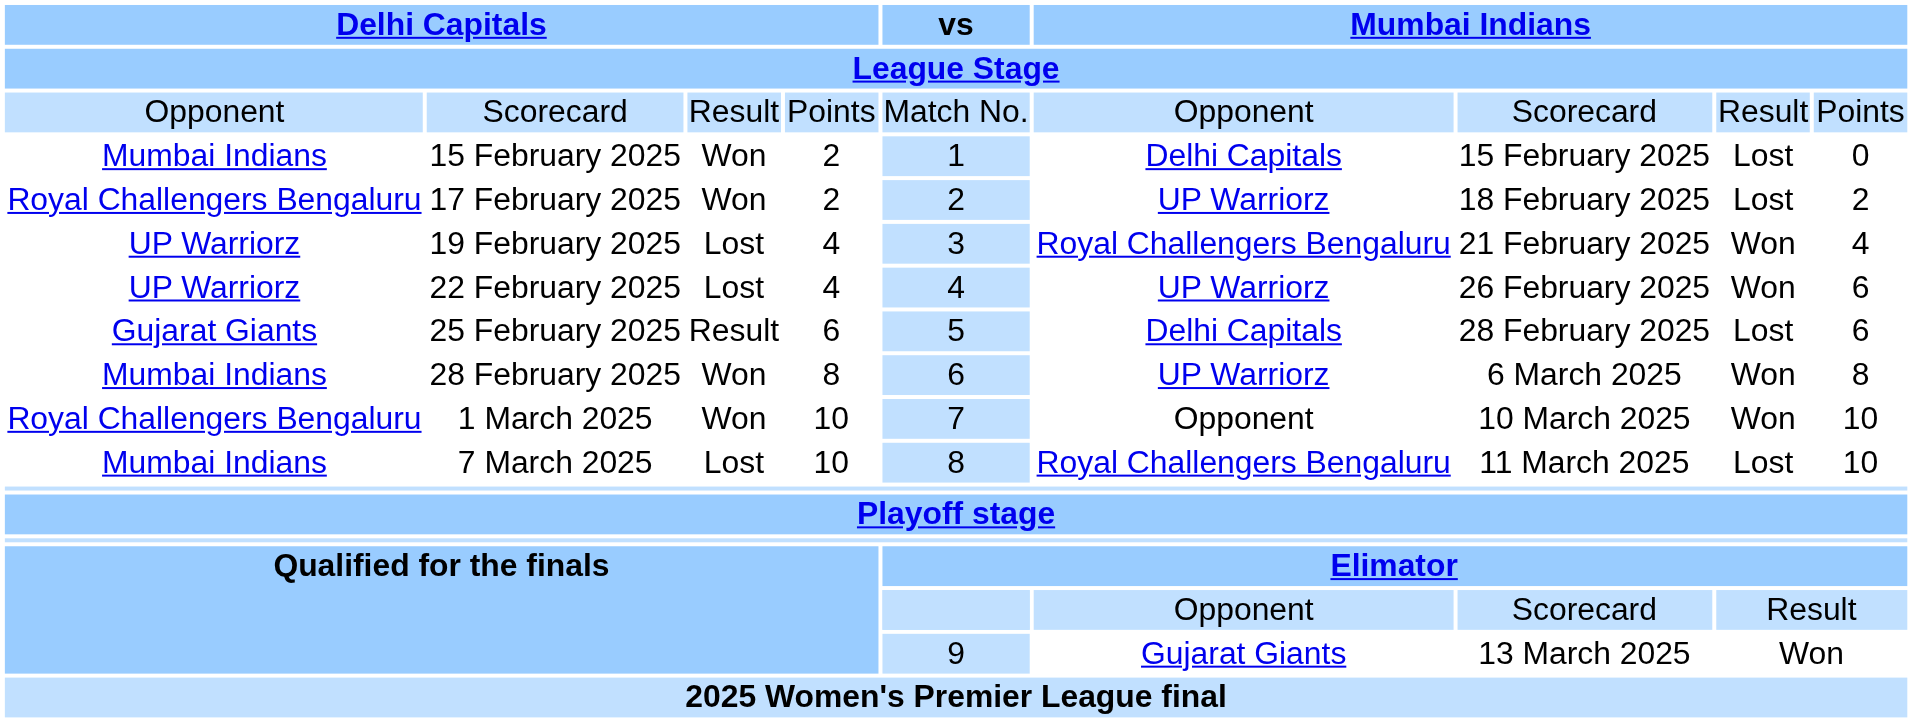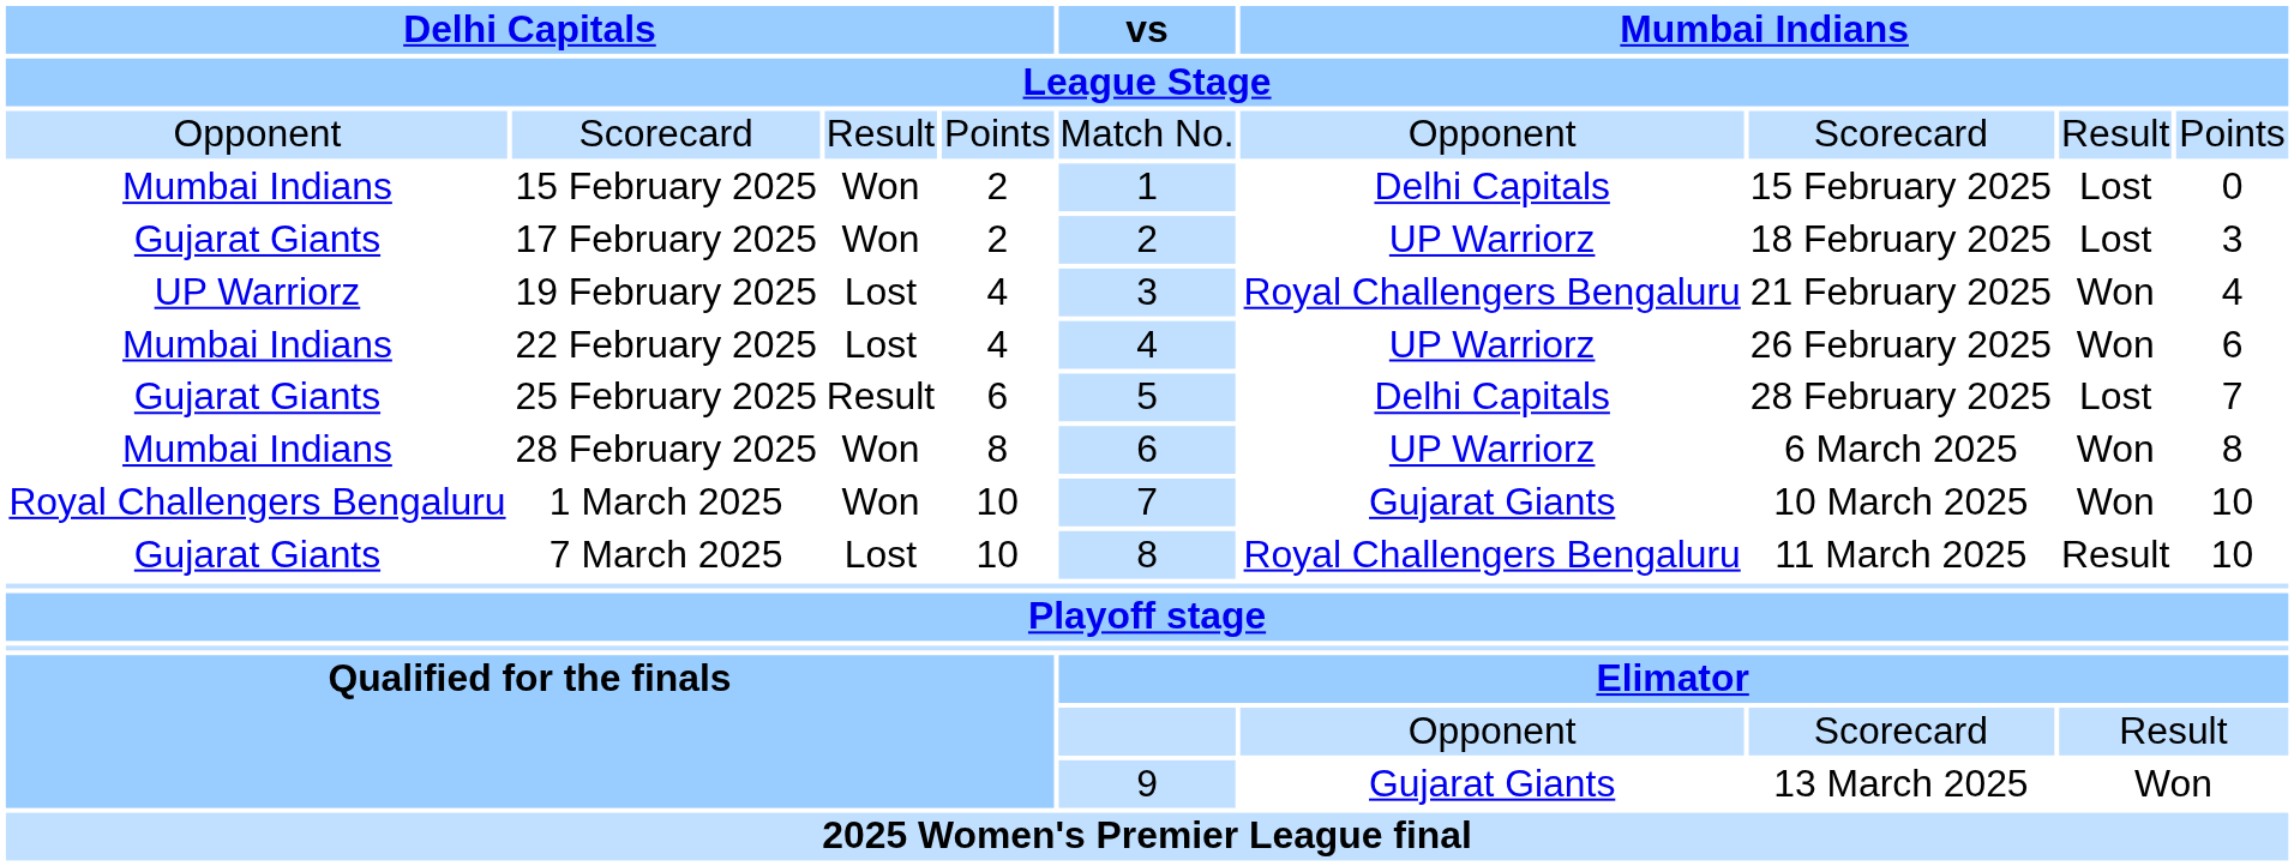 <table style="text-align:center;margin:auto;">
 <tr style="vertical-align:top;background:#99CCFF">
 <th colspan="4"><a href='#'>Delhi Capitals</a></th>
 <th>vs</th>
 <th colspan="4"><a href='#'>Mumbai Indians</a></th>
 </tr>
 <tr style="vertical-align:top;background:#99CCFF">
 <th colspan="9"><a href='#'>League Stage</a></th>
 </tr>
 <tr style="vertical-align:top;background:#C1E0FF">
 <td>Opponent</td>
 <td>Scorecard</td>
 <td>Result</td>
 <td>Points</td>
 <td>Match No.</td>
 <td>Opponent</td>
 <td>Scorecard</td>
 <td>Result</td>
 <td>Points</td>
 </tr>
 <tr>
 <td style="text-align:center;margin:auto;"><a href='#'>Mumbai Indians</a></td>
 <td>15 February 2025</td>
 <td>Won</td>
 <td>2</td>
 <td style="background:#C1E0FF">1</td>
 <td style="text-align:center"><a href='#'>Delhi Capitals</a></td>
 <td>15 February 2025</td>
 <td>Lost</td>
 <td>0</td>
 </tr>
 <tr>
-<td style="text-align:center"><a href='#'>Royal Challengers Bengaluru</a></td>
+<td style="text-align:center"><a href='#'>Gujarat Giants</a></td>
 <td>17 February 2025</td>
 <td>Won</td>
 <td>2</td>
 <td style="background:#C1E0FF">2</td>
 <td style="text-align:center"><a href='#'>UP Warriorz</a></td>
 <td>18 February 2025</td>
 <td>Lost</td>
-<td>2</td>
+<td>3</td>
 </tr>
 <tr>
 <td style="text-align:center"><a href='#'>UP Warriorz</a></td>
 <td>19 February 2025</td>
 <td>Lost</td>
 <td>4</td>
 <td style="background:#C1E0FF">3</td>
 <td style="text-align:center"><a href='#'>Royal Challengers Bengaluru</a></td>
 <td>21 February 2025</td>
 <td>Won</td>
 <td>4</td>
 </tr>
 <tr>
-<td style="text-align:center"><a href='#'>UP Warriorz</a></td>
+<td style="text-align:center"><a href='#'>Mumbai Indians</a></td>
 <td>22 February 2025</td>
 <td>Lost</td>
 <td>4</td>
 <td style="background:#C1E0FF">4</td>
 <td style="text-align:center"><a href='#'>UP Warriorz</a></td>
 <td>26 February 2025</td>
 <td>Won</td>
 <td>6</td>
 </tr>
 <tr>
 <td style="text-align:center"><a href='#'>Gujarat Giants</a></td>
 <td>25 February 2025</td>
 <td>Result</td>
 <td>6</td>
 <td style="background:#C1E0FF">5</td>
 <td style="text-align:center"><a href='#'>Delhi Capitals</a></td>
 <td>28 February 2025</td>
 <td>Lost</td>
-<td>6</td>
+<td>7</td>
 </tr>
 <tr>
 <td style="text-align:center"><a href='#'>Mumbai Indians</a></td>
 <td>28 February 2025</td>
 <td>Won</td>
 <td>8</td>
 <td style="background:#C1E0FF">6</td>
 <td style="text-align:center"><a href='#'>UP Warriorz</a></td>
 <td>6 March 2025</td>
 <td>Won</td>
 <td>8</td>
 </tr>
 <tr>
 <td style="text-align:center"><a href='#'>Royal Challengers Bengaluru</a></td>
 <td>1 March 2025</td>
 <td>Won</td>
 <td>10</td>
 <td style="background:#C1E0FF">7</td>
-<td>Opponent</td>
+<td style="text-align:center"><a href='#'>Gujarat Giants</a></td>
 <td>10 March 2025</td>
 <td>Won</td>
 <td>10</td>
 </tr>
 <tr>
-<td style="text-align:center"><a href='#'>Mumbai Indians</a></td>
+<td style="text-align:center"><a href='#'>Gujarat Giants</a></td>
 <td>7 March 2025</td>
 <td>Lost</td>
 <td>10</td>
 <td style="background:#C1E0FF">8</td>
 <td style="text-align:center"><a href='#'>Royal Challengers Bengaluru</a></td>
 <td>11 March 2025</td>
-<td>Lost</td>
+<td>Result</td>
 <td>10</td>
 </tr>
 <tr>
 <td colspan="9" style="text-align:left;background:#C1E0FF;"></td>
 </tr>
 <tr style="vertical-align:top;background:#99CCFF">
 <th colspan="9"><a href='#'>Playoff stage</a></th>
 </tr>
 <tr style="align:center;background:#C1E0FF">
 <td colspan="9"></td>
 </tr>
 <tr style="vertical-align:top;background:#99CCFF">
 <th colspan="4" rowspan="3" style="align:center">Qualified for the finals</th>
 <th colspan="5"><a href='#'>Elimator</a></th>
 </tr>
 <tr style="align:center;background:#C1E0FF">
 <td style="background:#C1E0FF"></td>
 <td>Opponent</td>
 <td>Scorecard</td>
 <td colspan="2">Result</td>
 </tr>
 <tr>
 <td style="background:#C1E0FF">9</td>
 <td><a href='#'>Gujarat Giants</a></td>
 <td>13 March 2025</td>
 <td colspan="2">Won</td>
 </tr>
 <tr style="vertical-align:center;background:#C1E0FF">
 <th colspan="9">2025 Women's Premier League final</th>
 </tr>
 </table>
